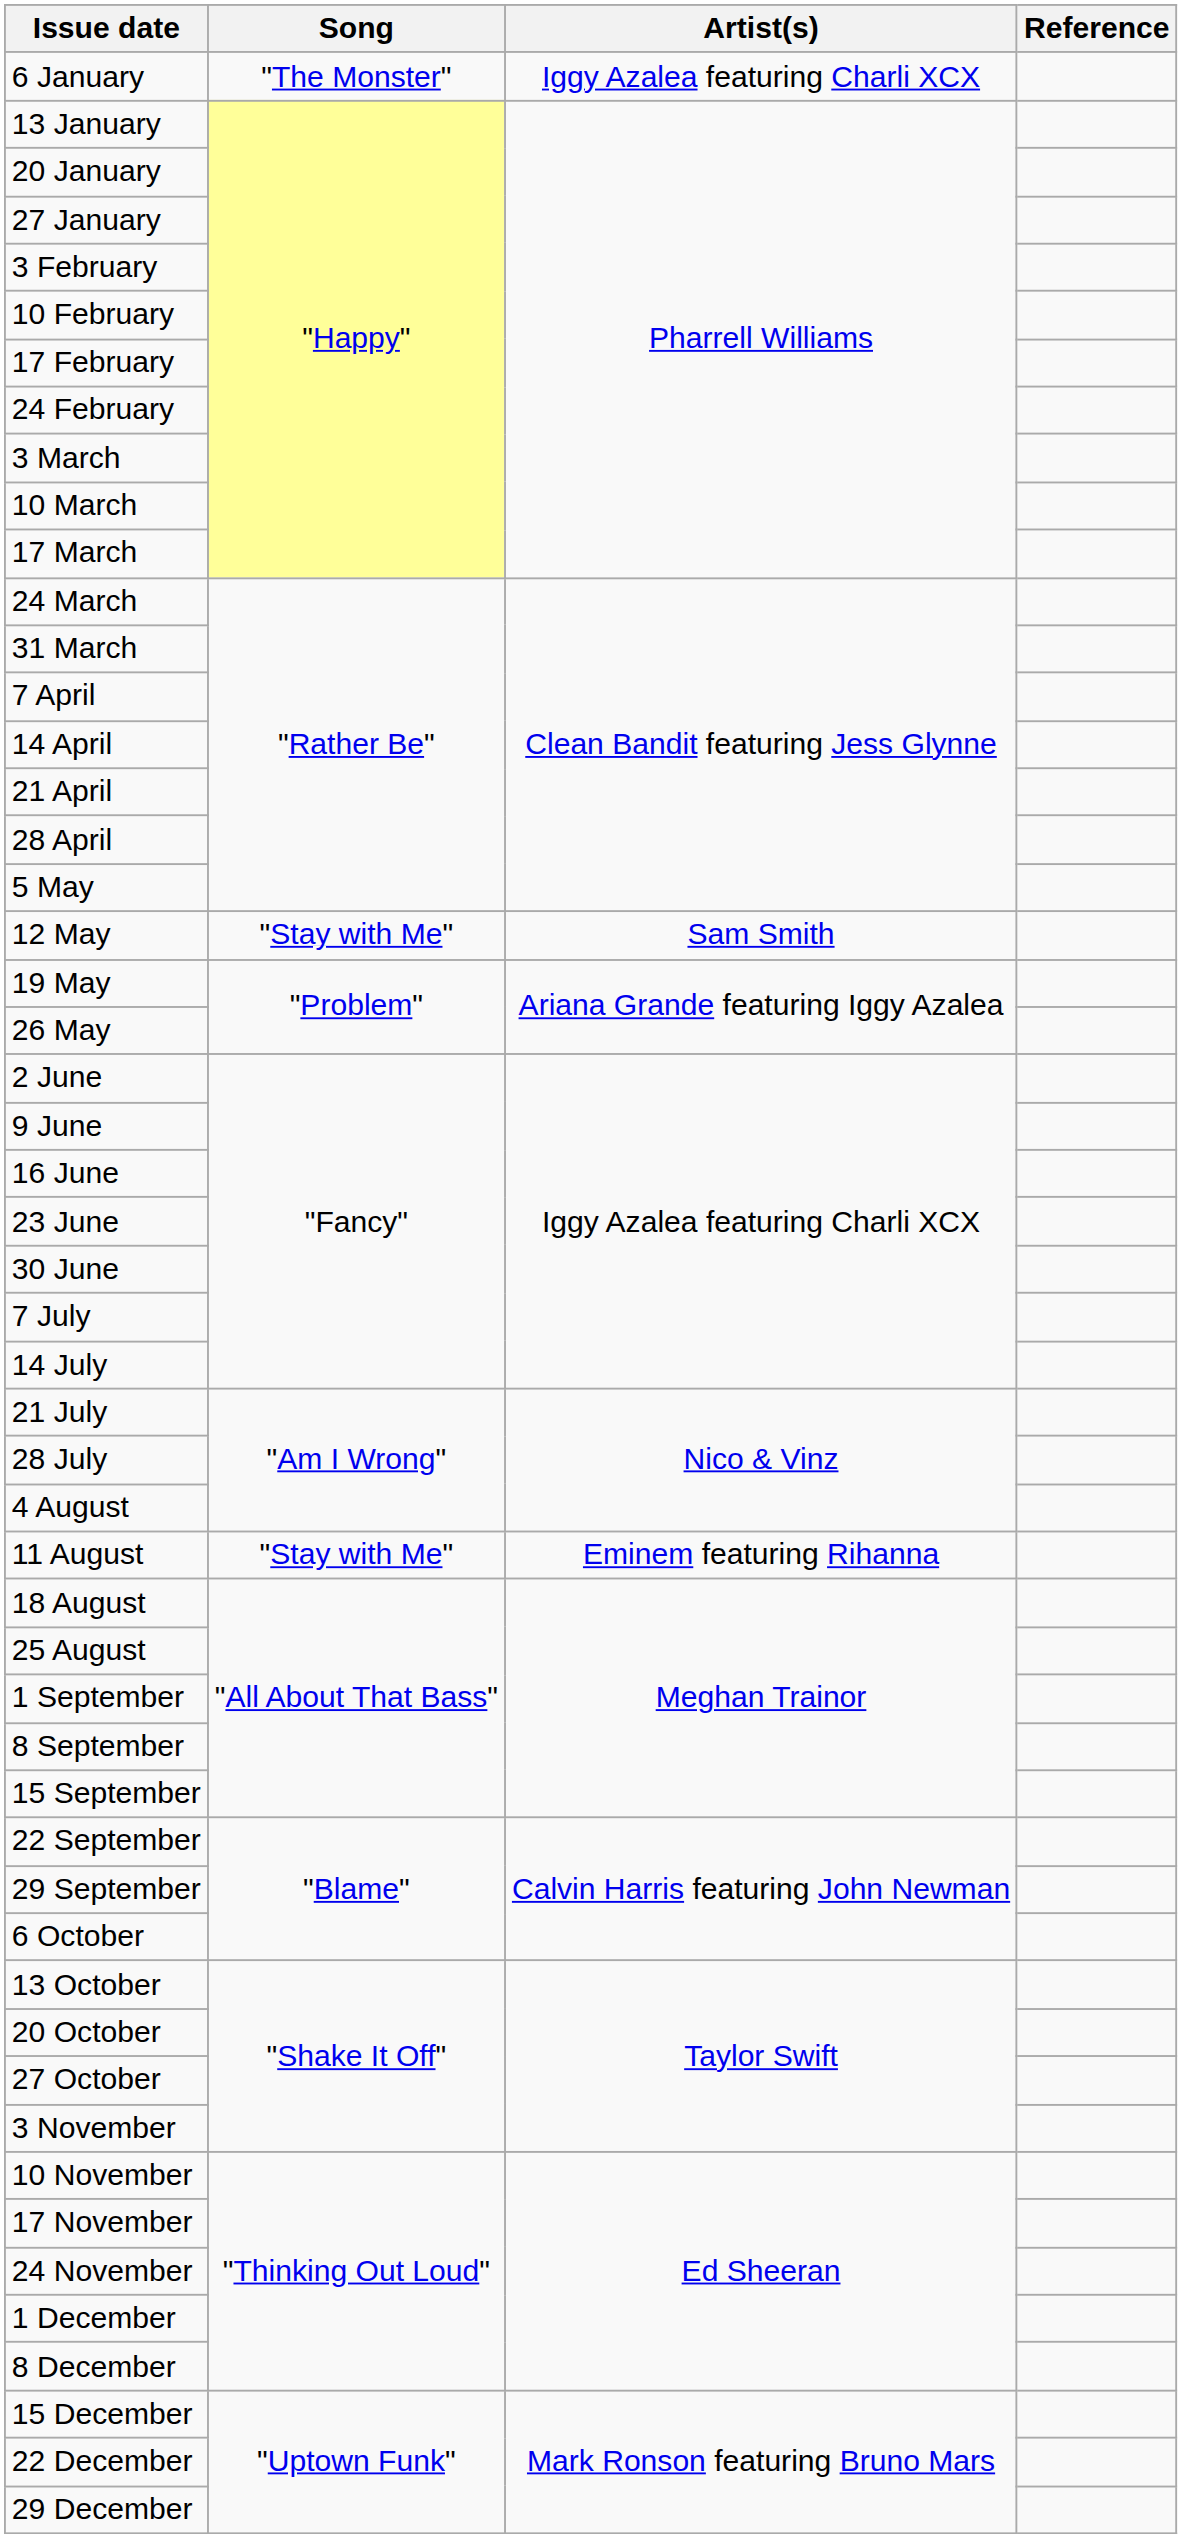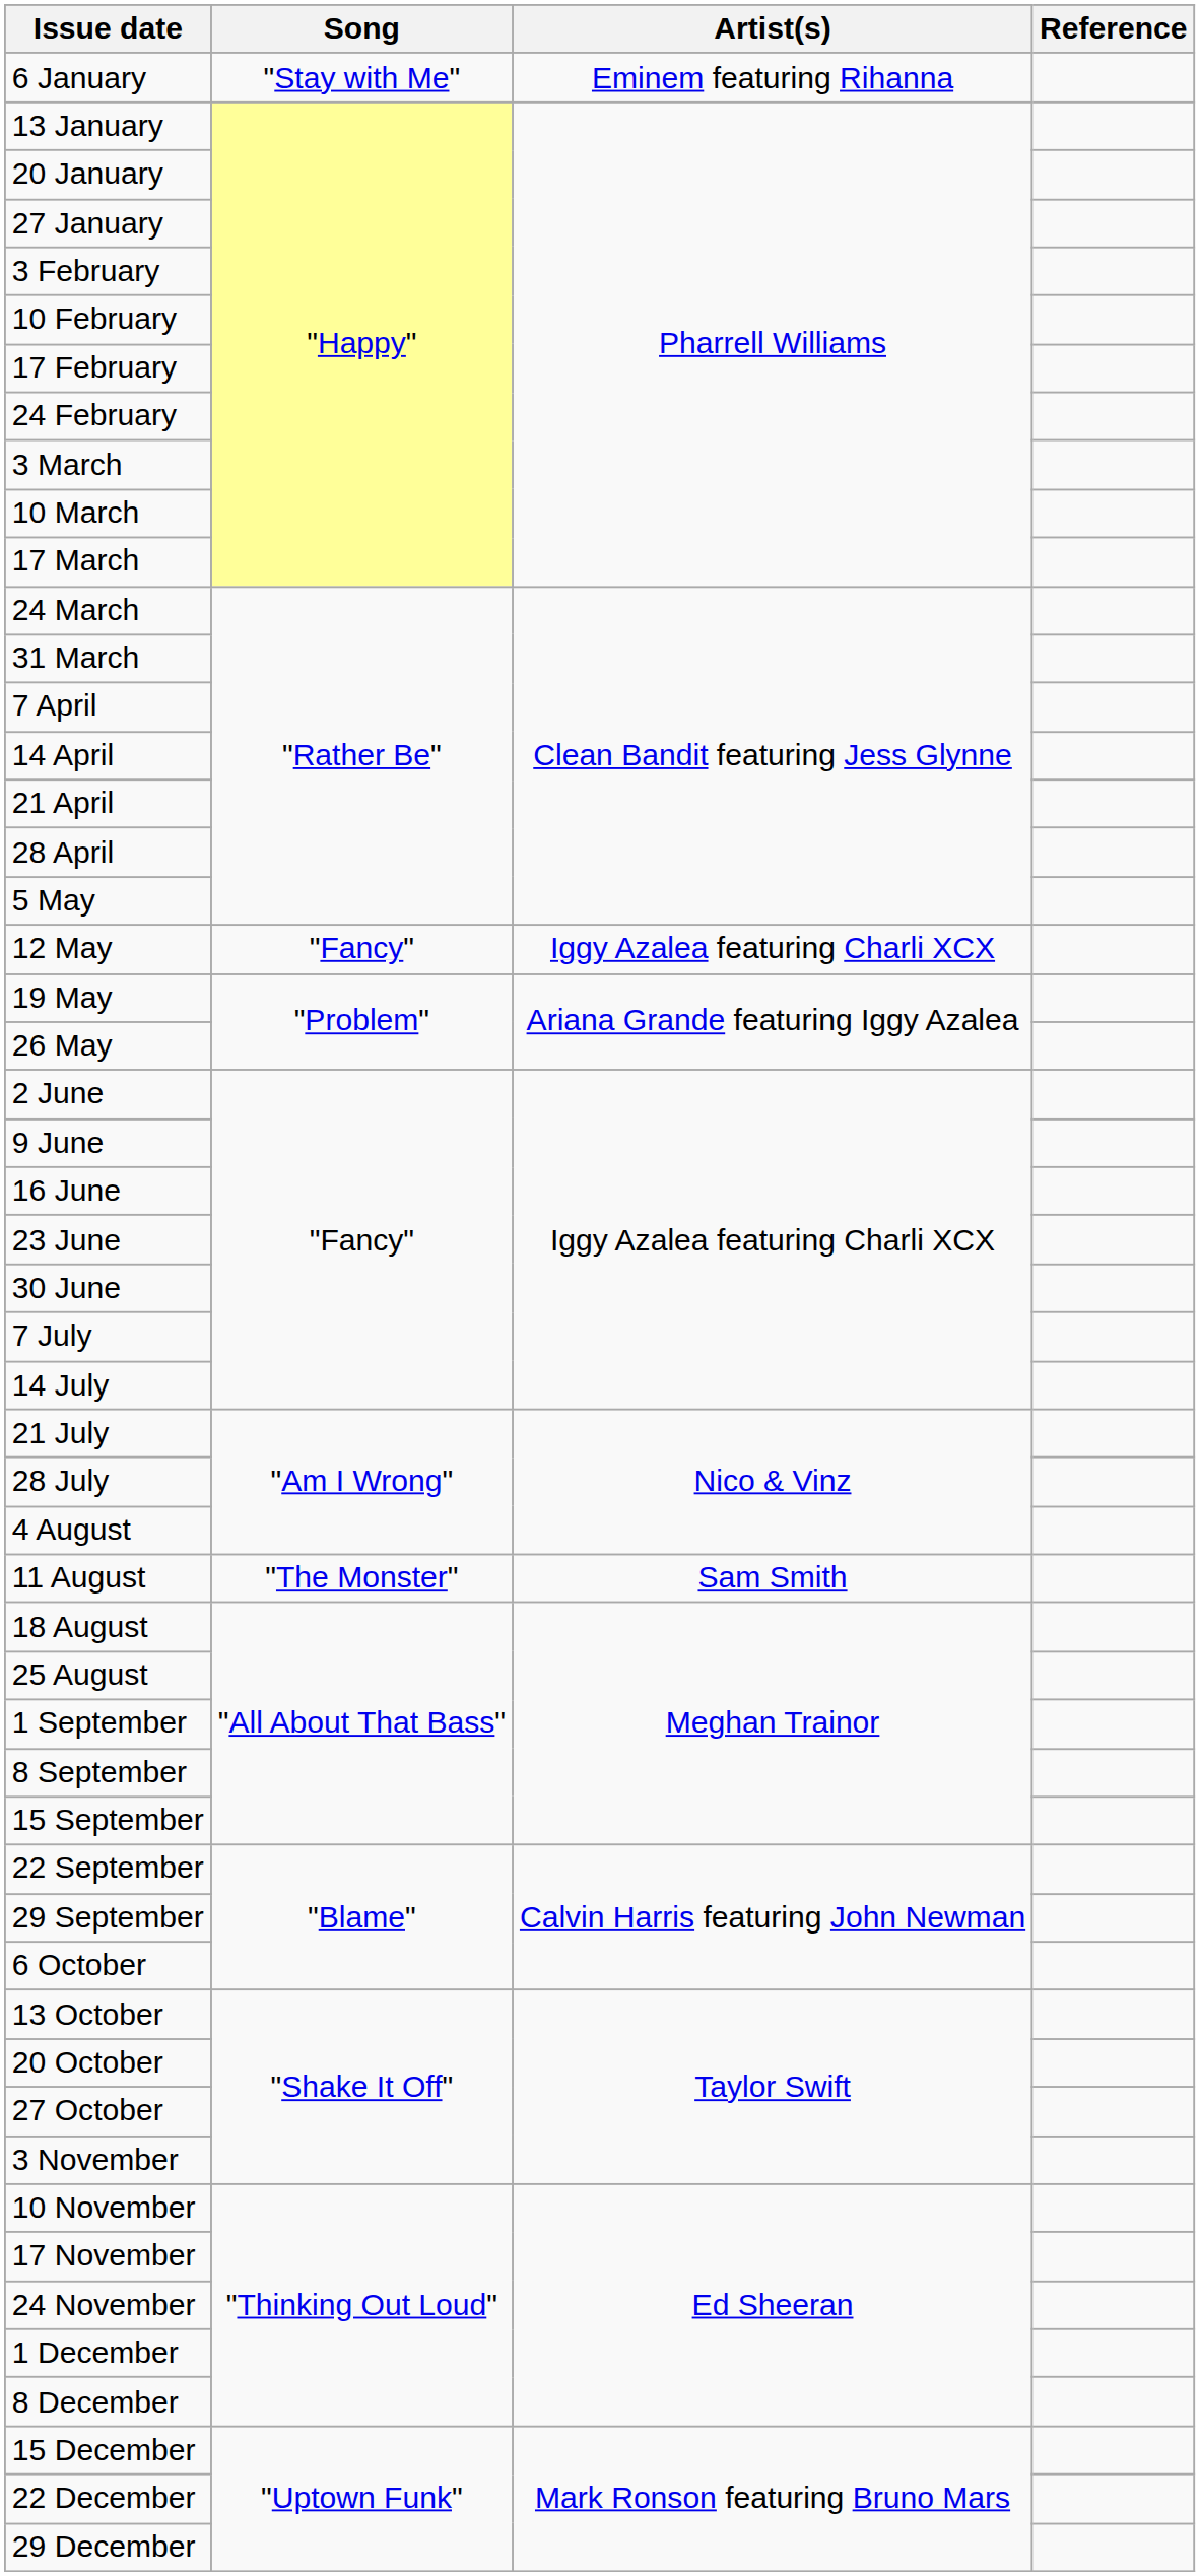 <table class="wikitable">
 <tr>
 <th>Issue date</th>
 <th>Song</th>
 <th>Artist(s)</th>
 <th>Reference</th>
 </tr>
 <tr>
 <td align="left">6 January</td>
-<td align="center">"<a href='#'>The Monster</a>"</td>
-<td align="center"><a href='#'>Iggy Azalea</a> featuring <a href='#'>Charli XCX</a></td>
+<td align="center">"<a href='#'>Stay with Me</a>"</td>
+<td align="center"><a href='#'>Eminem</a> featuring <a href='#'>Rihanna</a></td>
 <td align="center"></td>
 </tr>
 <tr>
 <td align="left">13 January</td>
 <td bgcolor=#FFFF99 align="center" rowspan="10">"<a href='#'>Happy</a>"</td>
 <td align="center" rowspan="10"><a href='#'>Pharrell Williams</a></td>
 <td align="center"></td>
 </tr>
 <tr>
 <td align="left">20 January</td>
 <td align="center"></td>
 </tr>
 <tr>
 <td align="left">27 January</td>
 <td align="center"></td>
 </tr>
 <tr>
 <td align="left">3 February</td>
 <td align="center"></td>
 </tr>
 <tr>
 <td align="left">10 February</td>
 <td align="center"></td>
 </tr>
 <tr>
 <td align="left">17 February</td>
 <td align="center"></td>
 </tr>
 <tr>
 <td align="left">24 February</td>
 <td align="center"></td>
 </tr>
 <tr>
 <td align="left">3 March</td>
 <td align="center"></td>
 </tr>
 <tr>
 <td align="left">10 March</td>
 <td align="center"></td>
 </tr>
 <tr>
 <td align="left">17 March</td>
 <td align="center"></td>
 </tr>
 <tr>
 <td align="left">24 March</td>
 <td align="center" rowspan="7">"<a href='#'>Rather Be</a>"</td>
 <td align="center" rowspan="7"><a href='#'>Clean Bandit</a> featuring <a href='#'>Jess Glynne</a></td>
 <td align="center"></td>
 </tr>
 <tr>
 <td align="left">31 March</td>
 <td align="center"></td>
 </tr>
 <tr>
 <td align="left">7 April</td>
 <td align="center"></td>
 </tr>
 <tr>
 <td align="left">14 April</td>
 <td align="center"></td>
 </tr>
 <tr>
 <td align="left">21 April</td>
 <td align="center"></td>
 </tr>
 <tr>
 <td align="left">28 April</td>
 <td align="center"></td>
 </tr>
 <tr>
 <td align="left">5 May</td>
 <td align="center"></td>
 </tr>
 <tr>
 <td align="left">12 May</td>
-<td align="center">"<a href='#'>Stay with Me</a>"</td>
-<td align="center"><a href='#'>Sam Smith</a></td>
+<td align="center">"<a href='#'>Fancy</a>"</td>
+<td align="center"><a href='#'>Iggy Azalea</a> featuring <a href='#'>Charli XCX</a></td>
 <td align="center"></td>
 </tr>
 <tr>
 <td align="left">19 May</td>
 <td align="center" rowspan="2">"<a href='#'>Problem</a>"</td>
 <td align="center" rowspan="2"><a href='#'>Ariana Grande</a> featuring Iggy Azalea</td>
 <td align="center"></td>
 </tr>
 <tr>
 <td align="left">26 May</td>
 <td align="center"></td>
 </tr>
 <tr>
 <td align="left">2 June</td>
 <td align="center" rowspan="7">"Fancy"</td>
 <td align="center" rowspan="7">Iggy Azalea featuring Charli XCX</td>
 <td align="center"></td>
 </tr>
 <tr>
 <td align="left">9 June</td>
 <td align="center"></td>
 </tr>
 <tr>
 <td align="left">16 June</td>
 <td align="center"></td>
 </tr>
 <tr>
 <td align="left">23 June</td>
 <td align="center"></td>
 </tr>
 <tr>
 <td align="left">30 June</td>
 <td align="center"></td>
 </tr>
 <tr>
 <td align="left">7 July</td>
 <td align="center"></td>
 </tr>
 <tr>
 <td align="left">14 July</td>
 <td align="center"></td>
 </tr>
 <tr>
 <td align="left">21 July</td>
 <td align="center" rowspan="3">"<a href='#'>Am I Wrong</a>"</td>
 <td align="center" rowspan="3"><a href='#'>Nico & Vinz</a></td>
 <td align="center"></td>
 </tr>
 <tr>
 <td align="left">28 July</td>
 <td align="center"></td>
 </tr>
 <tr>
 <td align="left">4 August</td>
 <td align="center"></td>
 </tr>
 <tr>
 <td align="left">11 August</td>
-<td align="center">"<a href='#'>Stay with Me</a>"</td>
-<td align="center"><a href='#'>Eminem</a> featuring <a href='#'>Rihanna</a></td>
+<td align="center">"<a href='#'>The Monster</a>"</td>
+<td align="center"><a href='#'>Sam Smith</a></td>
 <td align="center"></td>
 </tr>
 <tr>
 <td align="left">18 August</td>
 <td align="center" rowspan="5">"<a href='#'>All About That Bass</a>"</td>
 <td align="center" rowspan="5"><a href='#'>Meghan Trainor</a></td>
 <td align="center"></td>
 </tr>
 <tr>
 <td align="left">25 August</td>
 <td align="center"></td>
 </tr>
 <tr>
 <td align="left">1 September</td>
 <td align="center"></td>
 </tr>
 <tr>
 <td align="left">8 September</td>
 <td align="center"></td>
 </tr>
 <tr>
 <td align="left">15 September</td>
 <td align="center"></td>
 </tr>
 <tr>
 <td align="left">22 September</td>
 <td align="center" rowspan="3">"<a href='#'>Blame</a>"</td>
 <td align="center" rowspan="3"><a href='#'>Calvin Harris</a> featuring <a href='#'>John Newman</a></td>
 <td align="center"></td>
 </tr>
 <tr>
 <td align="left">29 September</td>
 <td align="center"></td>
 </tr>
 <tr>
 <td align="left">6 October</td>
 <td align="center"></td>
 </tr>
 <tr>
 <td align="left">13 October</td>
 <td align="center" rowspan="4">"<a href='#'>Shake It Off</a>"</td>
 <td align="center" rowspan="4"><a href='#'>Taylor Swift</a></td>
 <td align="center"></td>
 </tr>
 <tr>
 <td align="left">20 October</td>
 <td align="center"></td>
 </tr>
 <tr>
 <td align="left">27 October</td>
 <td align="center"></td>
 </tr>
 <tr>
 <td align="left">3 November</td>
 <td align="center"></td>
 </tr>
 <tr>
 <td align="left">10 November</td>
 <td align="center" rowspan="5">"<a href='#'>Thinking Out Loud</a>"</td>
 <td align="center" rowspan="5"><a href='#'>Ed Sheeran</a></td>
 <td align="center"></td>
 </tr>
 <tr>
 <td align="left">17 November</td>
 <td align="center"></td>
 </tr>
 <tr>
 <td align="left">24 November</td>
 <td align="center"></td>
 </tr>
 <tr>
 <td align="left">1 December</td>
 <td align="center"></td>
 </tr>
 <tr>
 <td align="left">8 December</td>
 <td align="center"></td>
 </tr>
 <tr>
 <td align="left">15 December</td>
 <td align="center" rowspan="3">"<a href='#'>Uptown Funk</a>"</td>
 <td align="center" rowspan="3"><a href='#'>Mark Ronson</a> featuring <a href='#'>Bruno Mars</a></td>
 <td align="center"></td>
 </tr>
 <tr>
 <td align="left">22 December</td>
 <td align="center"></td>
 </tr>
 <tr>
 <td align="left">29 December</td>
 <td align="center"></td>
 </tr>
 <tr>
 </tr>
 </table>
